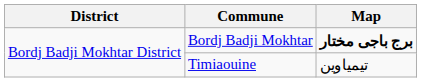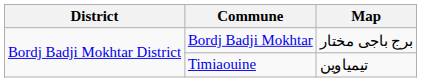 <table class="wikitable sortable">
 <tr>
 <th>District</th>
 <th>Commune</th>
 <th>Map</th>
 </tr>
 <tr>
 <td rowspan="2"><a href='#'>Bordj Badji Mokhtar District</a></td>
 <td><a href='#'>Bordj Badji Mokhtar</a></td>
-<td><strong>ﺑﺮج ﺑﺎﺟﻰ ﻣﺨﺘﺎر</strong></td>
+<td>ﺑﺮج ﺑﺎﺟﻰ ﻣﺨﺘﺎر</td>
 </tr>
 <tr>
 <td><a href='#'>Timiaouine</a></td>
 <td>ﺗﻴﻤﻴﺎوﻳﻦ</td>
 </tr>
 </table>
